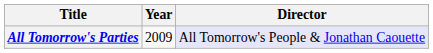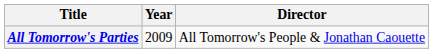 <table class="wikitable plainrowheaders">
 <tr>
 <th scope="col">Title</th>
 <th scope="col">Year</th>
 <th scope="col">Director</th>
 </tr>
 <tr>
 <th scope="row"><em><a href='#'>All Tomorrow's Parties</a></em></th>
 <td align="center">2009</td>
-<td style="background: lavender;">All Tomorrow's People & <a href='#'>Jonathan Caouette</a></td>
+<td>All Tomorrow's People & <a href='#'>Jonathan Caouette</a></td>
 </tr>
 </table>
